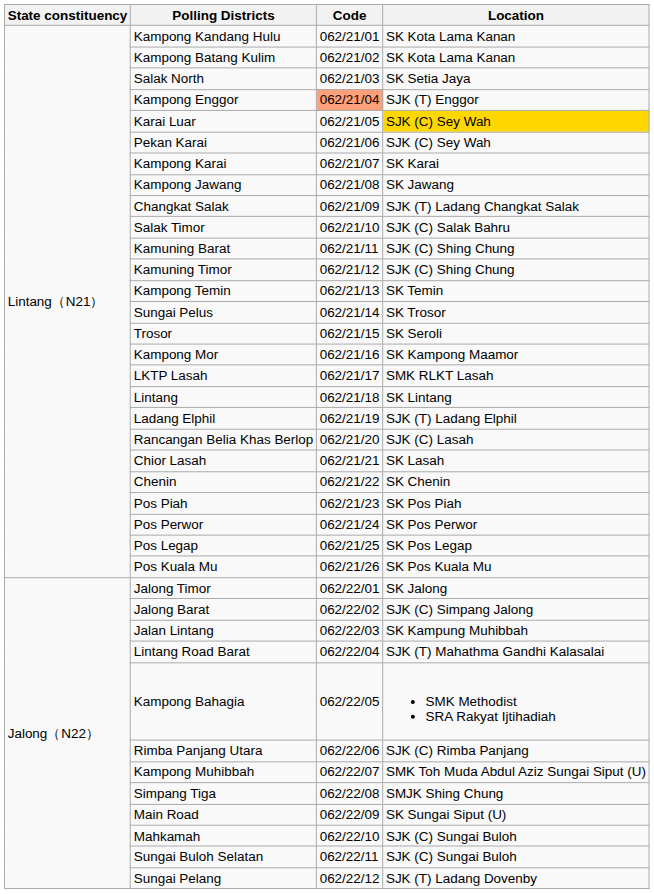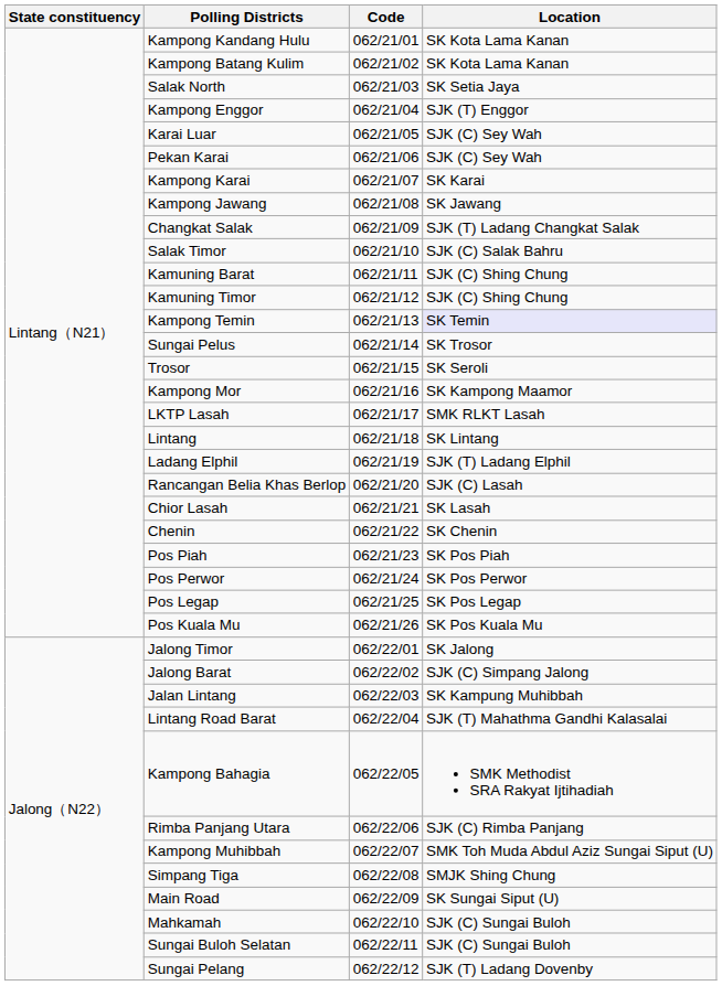 <table class="wikitable sortable mw-collapsible" style="white-space:nowrap;font-size:85%">
 <tr>
 <th>State constituency</th>
 <th>Polling Districts</th>
 <th>Code</th>
 <th>Location</th>
 </tr>
 <tr>
 <td rowspan="26">Lintang（N21）</td>
 <td>Kampong Kandang Hulu</td>
 <td>062/21/01</td>
 <td>SK Kota Lama Kanan</td>
 </tr>
 <tr>
 <td>Kampong Batang Kulim</td>
 <td>062/21/02</td>
 <td>SK Kota Lama Kanan</td>
 </tr>
 <tr>
 <td>Salak North</td>
 <td>062/21/03</td>
 <td>SK Setia Jaya</td>
 </tr>
 <tr>
 <td>Kampong Enggor</td>
-<td style="background: lightsalmon;">062/21/04</td>
+<td>062/21/04</td>
 <td>SJK (T) Enggor</td>
 </tr>
 <tr>
 <td>Karai Luar</td>
 <td>062/21/05</td>
-<td style="background: gold;">SJK (C) Sey Wah</td>
+<td>SJK (C) Sey Wah</td>
 </tr>
 <tr>
 <td>Pekan Karai</td>
 <td>062/21/06</td>
 <td>SJK (C) Sey Wah</td>
 </tr>
 <tr>
 <td>Kampong Karai</td>
 <td>062/21/07</td>
 <td>SK Karai</td>
 </tr>
 <tr>
 <td>Kampong Jawang</td>
 <td>062/21/08</td>
 <td>SK Jawang</td>
 </tr>
 <tr>
 <td>Changkat Salak</td>
 <td>062/21/09</td>
 <td>SJK (T) Ladang Changkat Salak</td>
 </tr>
 <tr>
 <td>Salak Timor</td>
 <td>062/21/10</td>
 <td>SJK (C) Salak Bahru</td>
 </tr>
 <tr>
 <td>Kamuning Barat</td>
 <td>062/21/11</td>
 <td>SJK (C) Shing Chung</td>
 </tr>
 <tr>
 <td>Kamuning Timor</td>
 <td>062/21/12</td>
 <td>SJK (C) Shing Chung</td>
 </tr>
 <tr>
 <td>Kampong Temin</td>
 <td>062/21/13</td>
-<td>SK Temin</td>
+<td style="background: lavender;">SK Temin</td>
 </tr>
 <tr>
 <td>Sungai Pelus</td>
 <td>062/21/14</td>
 <td>SK Trosor</td>
 </tr>
 <tr>
 <td>Trosor</td>
 <td>062/21/15</td>
 <td>SK Seroli</td>
 </tr>
 <tr>
 <td>Kampong Mor</td>
 <td>062/21/16</td>
 <td>SK Kampong Maamor</td>
 </tr>
 <tr>
 <td>LKTP Lasah</td>
 <td>062/21/17</td>
 <td>SMK RLKT Lasah</td>
 </tr>
 <tr>
 <td>Lintang</td>
 <td>062/21/18</td>
 <td>SK Lintang</td>
 </tr>
 <tr>
 <td>Ladang Elphil</td>
 <td>062/21/19</td>
 <td>SJK (T) Ladang Elphil</td>
 </tr>
 <tr>
 <td>Rancangan Belia Khas Berlop</td>
 <td>062/21/20</td>
 <td>SJK (C) Lasah</td>
 </tr>
 <tr>
 <td>Chior Lasah</td>
 <td>062/21/21</td>
 <td>SK Lasah</td>
 </tr>
 <tr>
 <td>Chenin</td>
 <td>062/21/22</td>
 <td>SK Chenin</td>
 </tr>
 <tr>
 <td>Pos Piah</td>
 <td>062/21/23</td>
 <td>SK Pos Piah</td>
 </tr>
 <tr>
 <td>Pos Perwor</td>
 <td>062/21/24</td>
 <td>SK Pos Perwor</td>
 </tr>
 <tr>
 <td>Pos Legap</td>
 <td>062/21/25</td>
 <td>SK Pos Legap</td>
 </tr>
 <tr>
 <td>Pos Kuala Mu</td>
 <td>062/21/26</td>
 <td>SK Pos Kuala Mu</td>
 </tr>
 <tr>
 <td rowspan="12">Jalong（N22）</td>
 <td>Jalong Timor</td>
 <td>062/22/01</td>
 <td>SK Jalong</td>
 </tr>
 <tr>
 <td>Jalong Barat</td>
 <td>062/22/02</td>
 <td>SJK (C) Simpang Jalong</td>
 </tr>
 <tr>
 <td>Jalan Lintang</td>
 <td>062/22/03</td>
 <td>SK Kampung Muhibbah</td>
 </tr>
 <tr>
 <td>Lintang Road Barat</td>
 <td>062/22/04</td>
 <td>SJK (T) Mahathma Gandhi Kalasalai</td>
 </tr>
 <tr>
 <td>Kampong Bahagia</td>
 <td>062/22/05</td>
 <td><br><ul><li>SMK Methodist</li><li>SRA Rakyat Ijtihadiah</li></ul></td>
 </tr>
 <tr>
 <td>Rimba Panjang Utara</td>
 <td>062/22/06</td>
 <td>SJK (C) Rimba Panjang</td>
 </tr>
 <tr>
 <td>Kampong Muhibbah</td>
 <td>062/22/07</td>
 <td>SMK Toh Muda Abdul Aziz Sungai Siput (U)</td>
 </tr>
 <tr>
 <td>Simpang Tiga</td>
 <td>062/22/08</td>
 <td>SMJK Shing Chung</td>
 </tr>
 <tr>
 <td>Main Road</td>
 <td>062/22/09</td>
 <td>SK Sungai Siput (U)</td>
 </tr>
 <tr>
 <td>Mahkamah</td>
 <td>062/22/10</td>
 <td>SJK (C) Sungai Buloh</td>
 </tr>
 <tr>
 <td>Sungai Buloh Selatan</td>
 <td>062/22/11</td>
 <td>SJK (C) Sungai Buloh</td>
 </tr>
 <tr>
 <td>Sungai Pelang</td>
 <td>062/22/12</td>
 <td>SJK (T) Ladang Dovenby</td>
 </tr>
 </table>
